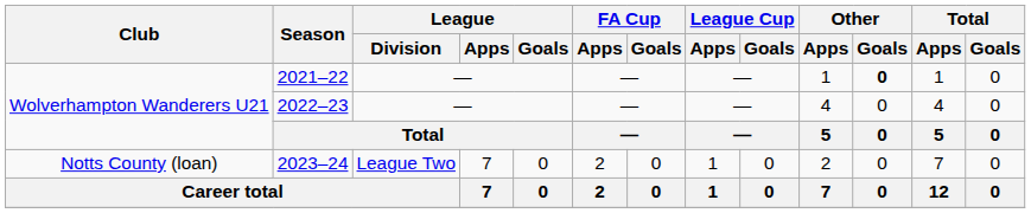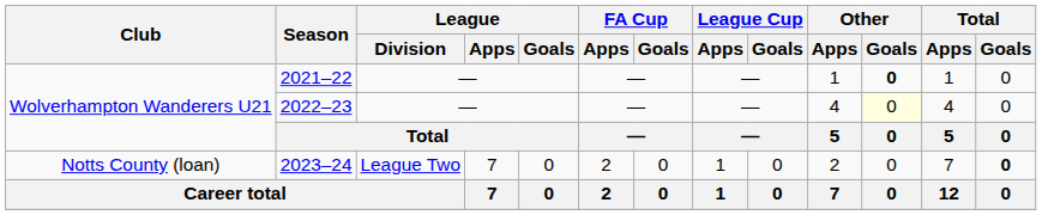 <table class="wikitable" style="text-align: center">
 <tr>
 <th rowspan="2">Club</th>
 <th rowspan="2">Season</th>
 <th colspan="3">League</th>
 <th colspan="2"><a href='#'>FA Cup</a></th>
 <th colspan="2"><a href='#'>League Cup</a></th>
 <th colspan="2">Other</th>
 <th colspan="2">Total</th>
 </tr>
 <tr>
 <th>Division</th>
 <th>Apps</th>
 <th>Goals</th>
 <th>Apps</th>
 <th>Goals</th>
 <th>Apps</th>
 <th>Goals</th>
 <th>Apps</th>
 <th>Goals</th>
 <th>Apps</th>
 <th>Goals</th>
 </tr>
 <tr>
 <td rowspan="3"><a href='#'>Wolverhampton Wanderers U21</a></td>
 <td><a href='#'>2021–22</a></td>
 <td colspan="3">—</td>
 <td colspan="2">—</td>
 <td colspan="2">—</td>
 <td>1</td>
 <td><strong>0</strong></td>
 <td>1</td>
 <td>0</td>
 </tr>
 <tr>
 <td><a href='#'>2022–23</a></td>
 <td colspan="3">—</td>
 <td colspan="2">—</td>
 <td colspan="2">—</td>
 <td>4</td>
-<td>0</td>
+<td style="background: lightyellow;">0</td>
 <td>4</td>
 <td>0</td>
 </tr>
 <tr>
 <th colspan="4">Total</th>
 <th colspan=2>—</th>
 <th colspan=2>—</th>
 <th>5</th>
 <th>0</th>
 <th>5</th>
 <th>0</th>
 </tr>
 <tr>
 <td><a href='#'>Notts County</a> (loan)</td>
 <td><a href='#'>2023–24</a></td>
 <td><a href='#'>League Two</a></td>
 <td>7</td>
 <td>0</td>
 <td>2</td>
 <td>0</td>
 <td>1</td>
 <td>0</td>
 <td>2</td>
 <td>0</td>
 <td>7</td>
-<td>0</td>
+<td><strong>0</strong></td>
 </tr>
 <tr>
 <th colspan="3">Career total</th>
 <th>7</th>
 <th>0</th>
 <th>2</th>
 <th>0</th>
 <th>1</th>
 <th>0</th>
 <th>7</th>
 <th>0</th>
 <th>12</th>
 <th>0</th>
 </tr>
 <tr>
 </tr>
 </table>
